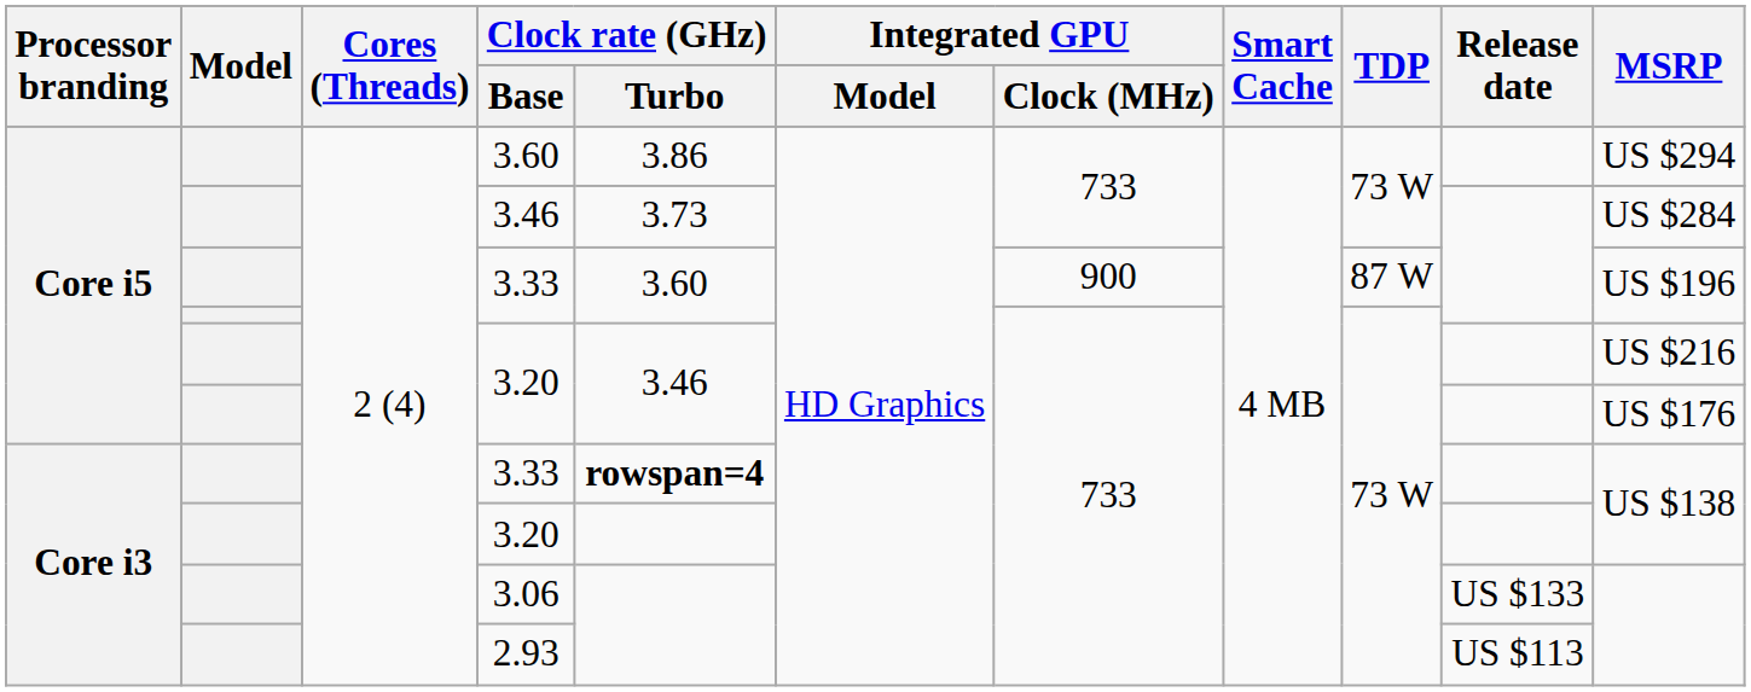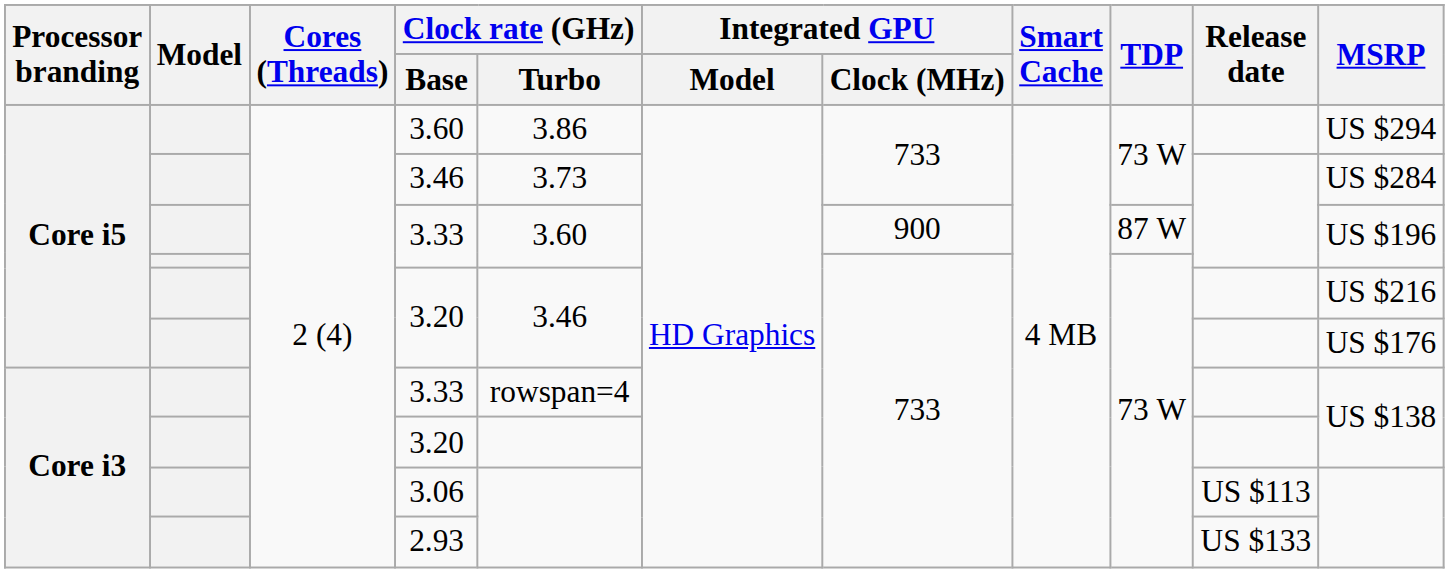 <table class="wikitable sortable nowrap" style="text-align: center;">
 <tr>
 <th class="unsortable" rowspan="2">Processor<br>branding</th>
 <th rowspan="2">Model</th>
 <th class="unsortable" rowspan="2"><a href='#'>Cores</a><br>(<a href='#'>Threads</a>)</th>
 <th colspan="2"><a href='#'>Clock rate</a> (GHz)</th>
 <th colspan="2">Integrated <a href='#'>GPU</a></th>
 <th class="unsortable" rowspan="2"><a href='#'>Smart<br>Cache</a></th>
 <th rowspan="2"><a href='#'>TDP</a></th>
 <th rowspan="2">Release<br>date</th>
 <th class="unsortable" rowspan="2"><a href='#'>MSRP</a></th>
 </tr>
 <tr>
 <th class="unsortable">Base</th>
 <th class="unsortable">Turbo</th>
 <th class="unsortable">Model</th>
 <th class="unsortable">Clock (MHz)</th>
 </tr>
 <tr>
 <th rowspan=6>Core i5</th>
 <th style="text-align:left;" data-sort-value="sku10"></th>
 <td rowspan=10>2 (4)</td>
 <td>3.60</td>
 <td>3.86</td>
 <td rowspan=10><a href='#'>HD Graphics</a></td>
 <td rowspan=2>733</td>
 <td rowspan=10>4 MB</td>
 <td rowspan=2>73 W</td>
 <td></td>
 <td>US $294</td>
 </tr>
 <tr>
 <th style="text-align:left;" data-sort-value="sku9"></th>
 <td>3.46</td>
 <td>3.73</td>
 <td rowspan=3></td>
 <td>US $284</td>
 </tr>
 <tr>
 <th style="text-align:left;" data-sort-value="sku8"></th>
 <td rowspan=2>3.33</td>
 <td rowspan=2>3.60</td>
 <td>900</td>
 <td>87 W</td>
 <td rowspan=2>US $196</td>
 </tr>
 <tr>
 <th style="text-align:left;" data-sort-value="sku7"></th>
 <td rowspan=7>733</td>
 <td rowspan=7>73 W</td>
 </tr>
 <tr>
 <th style="text-align:left;" data-sort-value="sku6"></th>
 <td rowspan=2>3.20</td>
 <td rowspan=2>3.46</td>
 <td></td>
 <td>US $216</td>
 </tr>
 <tr>
 <th style="text-align:left;" data-sort-value="sku5"></th>
 <td></td>
 <td>US $176</td>
 </tr>
 <tr>
 <th rowspan=4>Core i3</th>
 <th style="text-align:left;" data-sort-value="sku4"></th>
 <td>3.33</td>
-<td><strong>rowspan=4 </strong></td>
+<td>rowspan=4 </td>
 <td></td>
 <td rowspan=2>US $138</td>
 </tr>
 <tr>
 <th style="text-align:left;" data-sort-value="sku3"></th>
 <td>3.20</td>
 <td></td>
 </tr>
 <tr>
 <th style="text-align:left;" data-sort-value="sku2"></th>
 <td>3.06</td>
 <td rowspan=2></td>
-<td>US $133</td>
+<td>US $113</td>
 </tr>
 <tr>
 <th style="text-align:left;" data-sort-value="sku1"></th>
 <td>2.93</td>
-<td>US $113</td>
+<td>US $133</td>
 </tr>
 </table>
